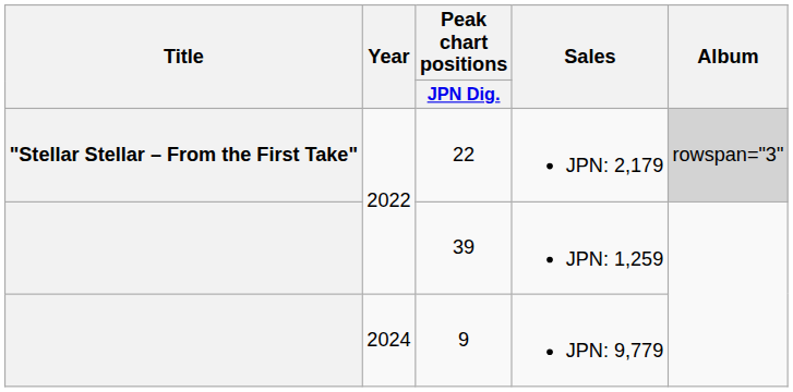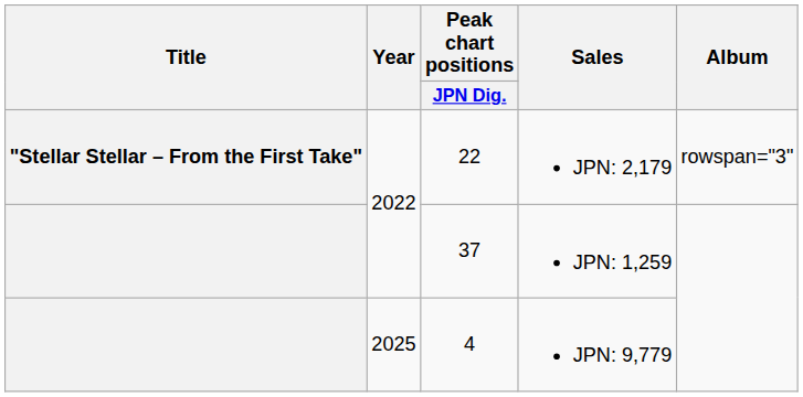 <table class="wikitable plainrowheaders" style="text-align:center;">
 <tr>
 <th scope="col" rowspan="2">Title</th>
 <th scope="col" rowspan="2">Year</th>
 <th scope="col" colspan="1">Peak chart positions</th>
 <th scope="col" rowspan="2">Sales</th>
 <th scope="col" rowspan="2">Album</th>
 </tr>
 <tr>
 <th scope="col" style="width:3em;font-size:90%;"><a href='#'>JPN Dig.</a><br></th>
 </tr>
 <tr>
 <th scope="row">"Stellar Stellar – From the First Take"</th>
 <td rowspan="2">2022</td>
 <td>22</td>
 <td><br><ul><li>JPN: 2,179 </li></ul></td>
-<td style="background: lightgrey;">rowspan="3" </td>
+<td>rowspan="3" </td>
 </tr>
 <tr>
 <th scope="row"></th>
-<td>39</td>
+<td>37</td>
 <td><br><ul><li>JPN: 1,259 </li></ul></td>
 </tr>
 <tr>
 <th scope="row"></th>
-<td>2024</td>
-<td>9</td>
+<td>2025</td>
+<td>4</td>
 <td><br><ul><li>JPN: 9,779 </li></ul></td>
 </tr>
 </table>
